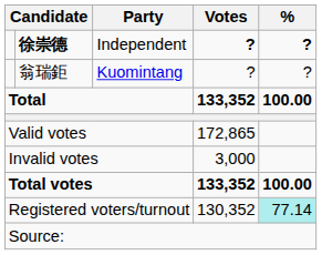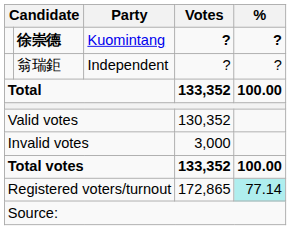 <table class="wikitable">
 <tr>
 <th colspan="2">Candidate</th>
 <th>Party</th>
 <th>Votes</th>
 <th>%</th>
 </tr>
 <tr>
 <td style="background:"></td>
 <td><strong>徐崇德</strong></td>
-<td>Independent</td>
+<td><a href='#'>Kuomintang</a></td>
 <td align="right"><strong>?</strong></td>
 <td align="right"><strong>?</strong></td>
 </tr>
 <tr>
 <td style="background:"></td>
 <td>翁瑞鉅</td>
-<td><a href='#'>Kuomintang</a></td>
+<td>Independent</td>
 <td align="right">?</td>
 <td align="right">?</td>
 </tr>
 <tr>
 <td colspan="3"><strong>Total</strong></td>
 <td align="right"><strong>133,352</strong></td>
 <td align="right"><strong>100.00</strong></td>
 </tr>
 <tr>
 <th colspan="5"></th>
 </tr>
 <tr>
 <td colspan="3">Valid votes</td>
-<td align="right">172,865</td>
+<td align="right">130,352</td>
 <td align="right"></td>
 </tr>
 <tr>
 <td colspan="3">Invalid votes</td>
 <td align="right">3,000</td>
 <td align="right"></td>
 </tr>
 <tr>
 <td colspan="3"><strong>Total votes</strong></td>
 <td align="right"><strong>133,352</strong></td>
 <td align="right"><strong>100.00</strong></td>
 </tr>
 <tr>
 <td colspan="3">Registered voters/turnout</td>
-<td align="right">130,352</td>
+<td align="right">172,865</td>
 <td align="right" style="background: paleturquoise;">77.14</td>
 </tr>
 <tr>
 <td colspan="5">Source:</td>
 </tr>
 </table>
